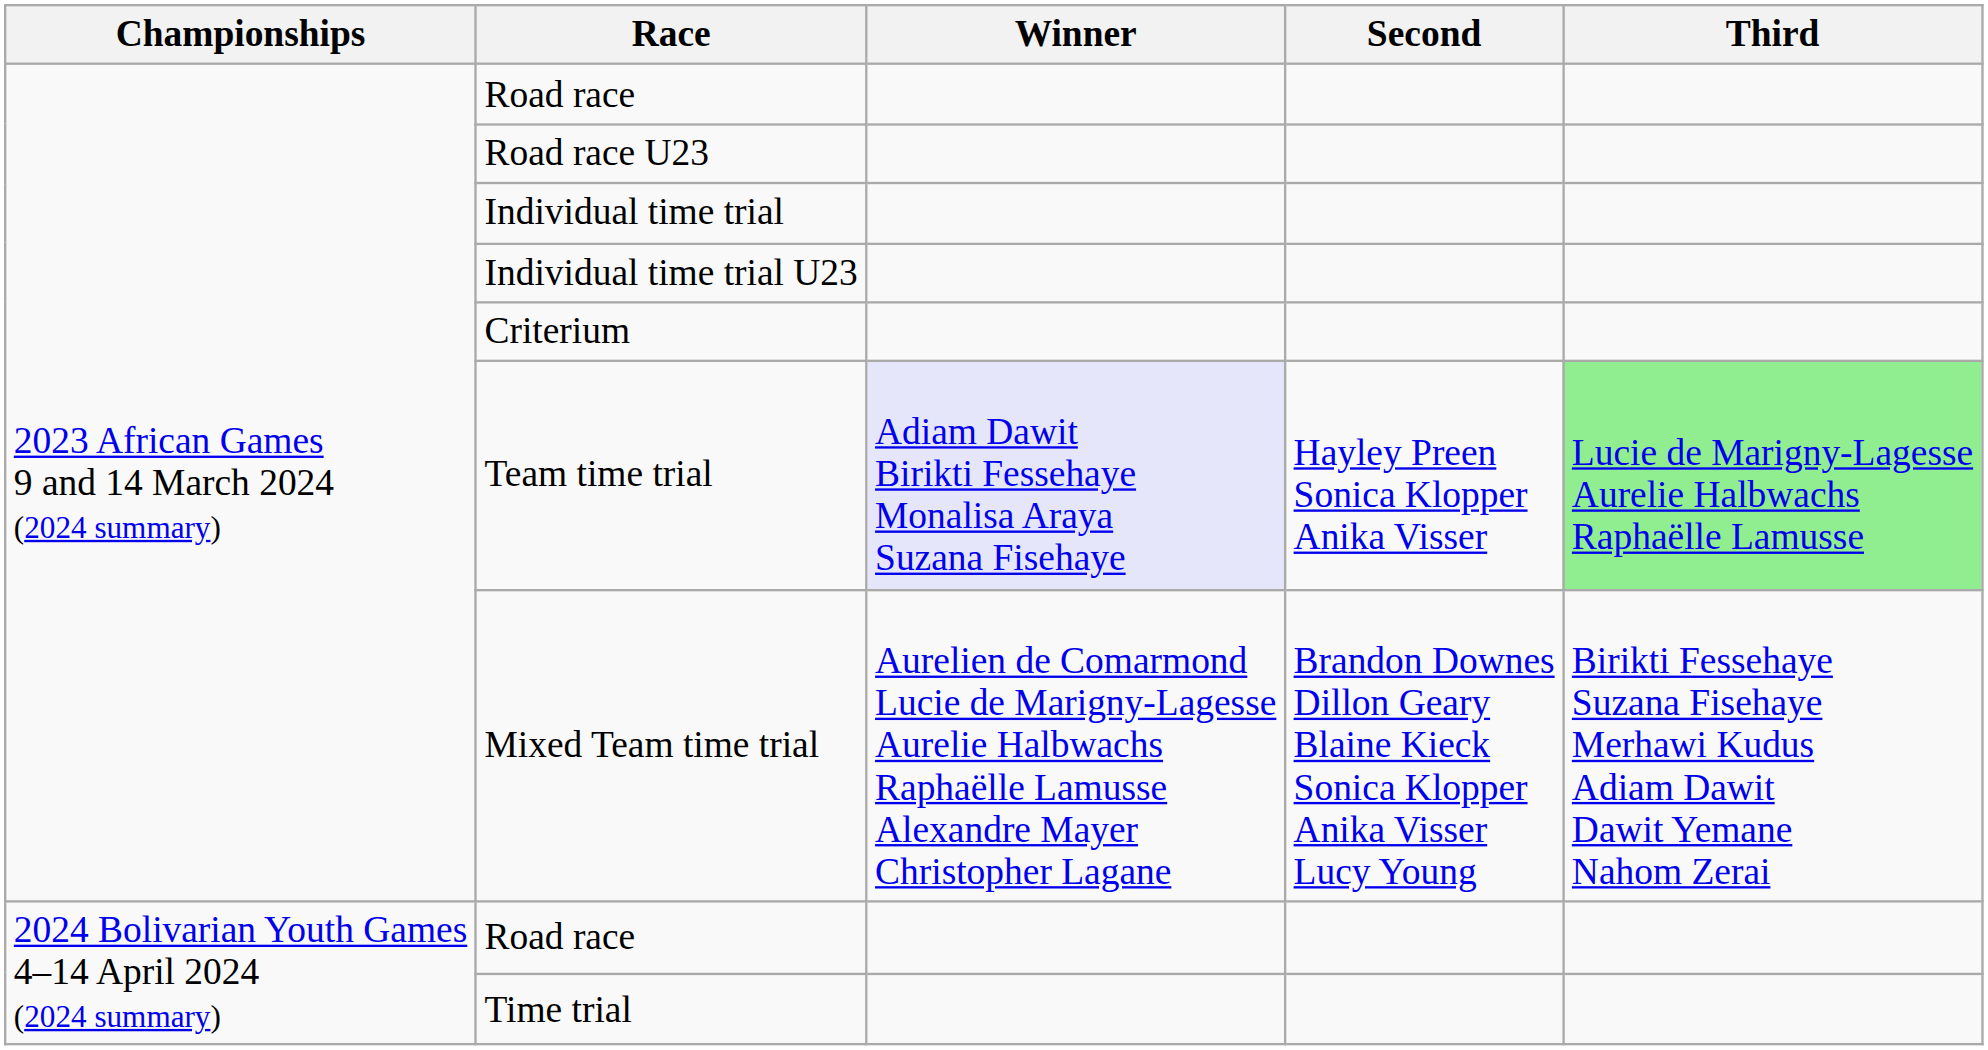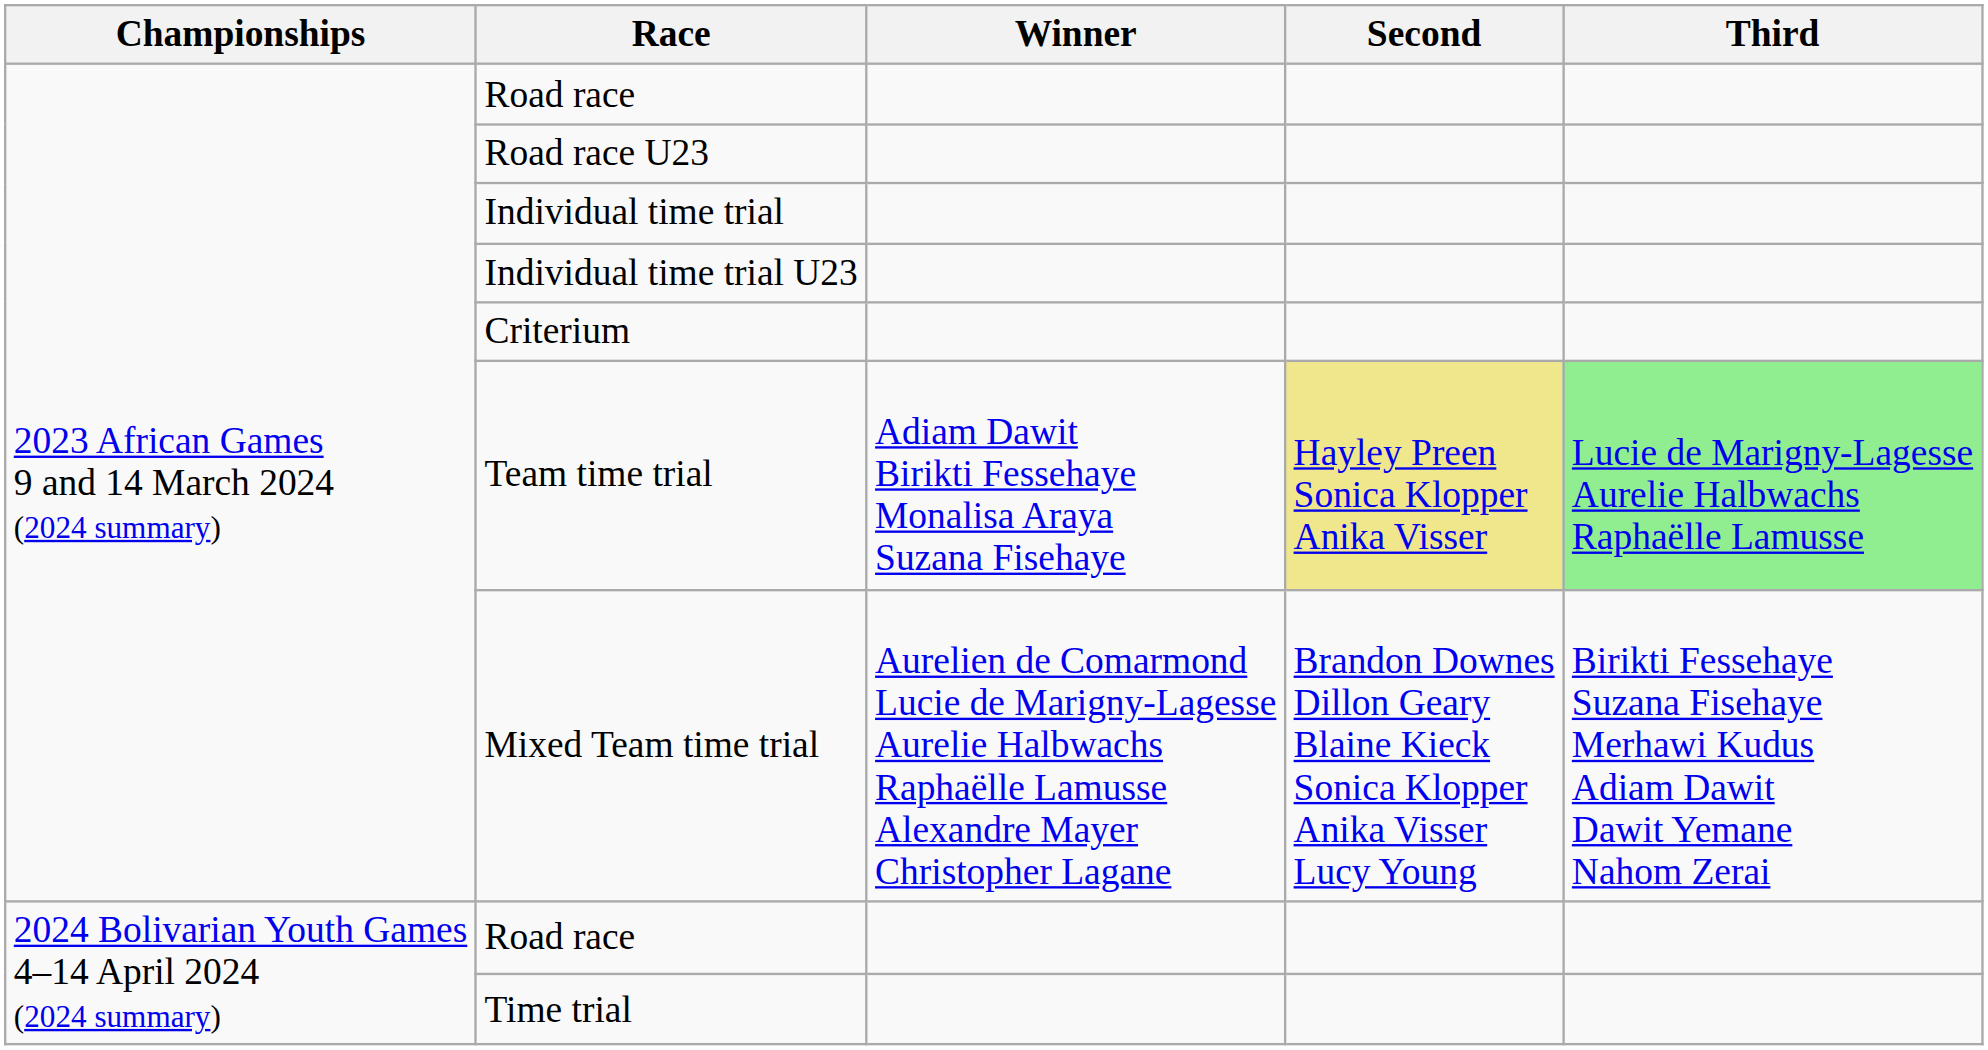 <table class="wikitable sortable">
 <tr>
 <th>Championships</th>
 <th>Race</th>
 <th>Winner</th>
 <th>Second</th>
 <th>Third</th>
 </tr>
 <tr>
 <td rowspan=7><a href='#'>2023 African Games</a><br> 9 and 14 March 2024<br><small>(<a href='#'>2024 summary</a>)</small></td>
 <td>Road race</td>
 <td></td>
 <td></td>
 <td></td>
 </tr>
 <tr>
 <td>Road race U23</td>
 <td></td>
 <td></td>
 <td></td>
 </tr>
 <tr>
 <td>Individual time trial </td>
 <td></td>
 <td></td>
 <td></td>
 </tr>
 <tr>
 <td>Individual time trial U23 </td>
 <td></td>
 <td></td>
 <td></td>
 </tr>
 <tr>
 <td>Criterium</td>
 <td></td>
 <td></td>
 <td></td>
 </tr>
 <tr>
 <td>Team time trial </td>
-<td style="background: lavender;"><br><a href='#'>Adiam Dawit</a><br><a href='#'>Birikti Fessehaye</a><br><a href='#'>Monalisa Araya</a><br><a href='#'>Suzana Fisehaye</a></td>
-<td><br><a href='#'>Hayley Preen</a><br><a href='#'>Sonica Klopper</a><br><a href='#'>Anika Visser</a></td>
+<td><br><a href='#'>Adiam Dawit</a><br><a href='#'>Birikti Fessehaye</a><br><a href='#'>Monalisa Araya</a><br><a href='#'>Suzana Fisehaye</a></td>
+<td style="background: khaki;"><br><a href='#'>Hayley Preen</a><br><a href='#'>Sonica Klopper</a><br><a href='#'>Anika Visser</a></td>
 <td style="background: lightgreen;"><br><a href='#'>Lucie de Marigny-Lagesse</a><br><a href='#'>Aurelie Halbwachs</a><br><a href='#'>Raphaëlle Lamusse</a></td>
 </tr>
 <tr>
 <td>Mixed Team time trial </td>
 <td><br><a href='#'>Aurelien de Comarmond</a><br><a href='#'>Lucie de Marigny-Lagesse</a><br><a href='#'>Aurelie Halbwachs</a><br><a href='#'>Raphaëlle Lamusse</a><br><a href='#'>Alexandre Mayer</a><br><a href='#'>Christopher Lagane</a></td>
 <td><br><a href='#'>Brandon Downes</a><br><a href='#'>Dillon Geary</a><br><a href='#'>Blaine Kieck</a><br><a href='#'>Sonica Klopper</a><br><a href='#'>Anika Visser</a><br><a href='#'>Lucy Young</a></td>
 <td><br><a href='#'>Birikti Fessehaye</a><br><a href='#'>Suzana Fisehaye</a><br><a href='#'>Merhawi Kudus</a><br><a href='#'>Adiam Dawit</a><br><a href='#'>Dawit Yemane</a><br><a href='#'>Nahom Zerai</a></td>
 </tr>
 <tr>
 <td rowspan=2><a href='#'>2024 Bolivarian Youth Games</a><br> 4–14 April 2024<br><small>(<a href='#'>2024 summary</a>)</small></td>
 <td>Road race</td>
 <td></td>
 <td></td>
 <td></td>
 </tr>
 <tr>
 <td>Time trial </td>
 <td></td>
 <td></td>
 <td></td>
 </tr>
 </table>
